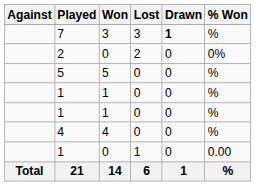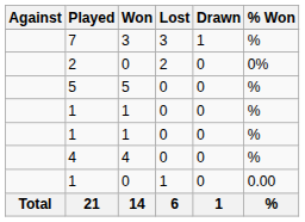 <table class="sortable wikitable" style="font-size: 87%;">
 <tr>
 <th>Against</th>
 <th>Played</th>
 <th>Won</th>
 <th>Lost</th>
 <th>Drawn</th>
 <th>% Won</th>
 </tr>
 <tr bgcolor="#d0ffd0" align="center">
 </tr>
 <tr>
 <td align="left"></td>
 <td>7</td>
 <td>3</td>
 <td>3</td>
-<td><strong>1</strong></td>
+<td>1</td>
 <td>%</td>
 </tr>
 <tr>
 <td align="left"></td>
 <td>2</td>
 <td>0</td>
 <td>2</td>
 <td>0</td>
 <td>0%</td>
 </tr>
 <tr>
 <td align="left"></td>
 <td>5</td>
 <td>5</td>
 <td>0</td>
 <td>0</td>
 <td>%</td>
 </tr>
 <tr>
 <td align="left"></td>
 <td>1</td>
 <td>1</td>
 <td>0</td>
 <td>0</td>
 <td>%</td>
 </tr>
 <tr>
 <td align="left"></td>
 <td>1</td>
 <td>1</td>
 <td>0</td>
 <td>0</td>
 <td>%</td>
 </tr>
 <tr>
 <td align="left"></td>
 <td>4</td>
 <td>4</td>
 <td>0</td>
 <td>0</td>
 <td>%</td>
 </tr>
 <tr>
 <td align="left"></td>
 <td>1</td>
 <td>0</td>
 <td>1</td>
 <td>0</td>
 <td>0.00</td>
 </tr>
 <tr>
 <th>Total</th>
 <th><strong>21</strong></th>
 <th><strong>14</strong></th>
 <th><strong>6</strong></th>
 <th><strong>1</strong></th>
 <th><strong>%</strong></th>
 </tr>
 </table>
